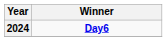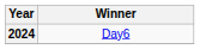 <table class="wikitable plainrowheaders" style="text-align:center">
 <tr>
 <th scope="col">Year</th>
 <th scope="col" width="200">Winner</th>
 </tr>
 <tr>
 <th scope="row">2024</th>
-<td><strong><a href='#'>Day6</a></strong></td>
+<td><a href='#'>Day6</a></td>
 </tr>
 <tr>
 </tr>
 </table>
